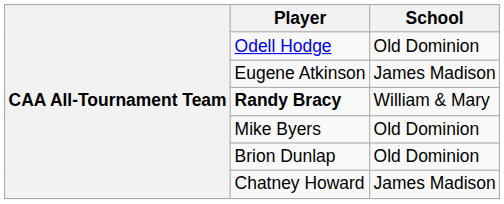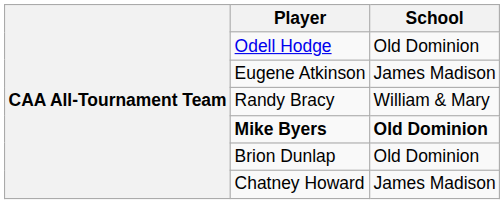 <table class="wikitable" border="1">
 <tr>
 <th rowspan=7 valign=middle>CAA All-Tournament Team</th>
 <th>Player</th>
 <th>School</th>
 </tr>
 <tr>
 <td><a href='#'>Odell Hodge</a></td>
 <td>Old Dominion</td>
 </tr>
 <tr>
 <td>Eugene Atkinson</td>
 <td>James Madison</td>
 </tr>
 <tr>
-<td><strong>Randy Bracy</strong></td>
+<td>Randy Bracy</td>
 <td>William & Mary</td>
 </tr>
 <tr>
-<td>Mike Byers</td>
-<td>Old Dominion</td>
+<td><strong>Mike Byers</strong></td>
+<td><strong>Old Dominion</strong></td>
 </tr>
 <tr>
 <td>Brion Dunlap</td>
 <td>Old Dominion</td>
 </tr>
 <tr>
 <td>Chatney Howard</td>
 <td>James Madison</td>
 </tr>
 </table>
